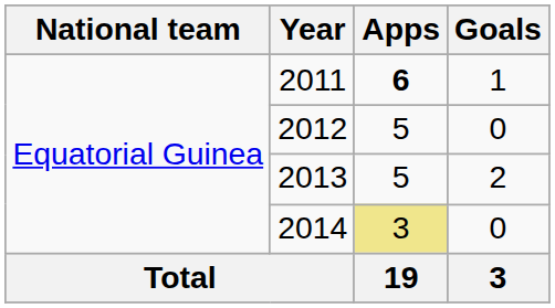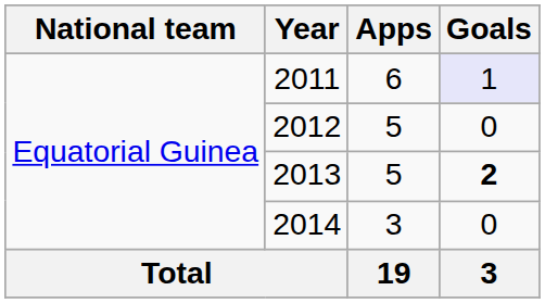 <table class="wikitable" style="text-align:center">
 <tr>
 <th>National team</th>
 <th>Year</th>
 <th>Apps</th>
 <th>Goals</th>
 </tr>
 <tr>
 <td rowspan="4"><a href='#'>Equatorial Guinea</a></td>
 <td>2011</td>
-<td><strong>6</strong></td>
-<td>1</td>
+<td>6</td>
+<td style="background: lavender;">1</td>
 </tr>
 <tr>
 <td>2012</td>
 <td>5</td>
 <td>0</td>
 </tr>
 <tr>
 <td>2013</td>
 <td>5</td>
-<td>2</td>
+<td><strong>2</strong></td>
 </tr>
 <tr>
 <td>2014</td>
-<td style="background: khaki;">3</td>
+<td>3</td>
 <td>0</td>
 </tr>
 <tr>
 <th colspan="2">Total</th>
 <th>19</th>
 <th>3</th>
 </tr>
 </table>
